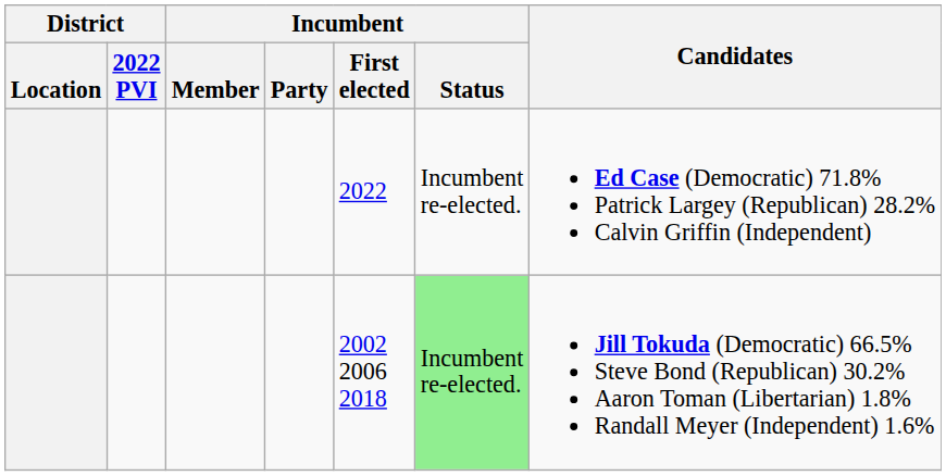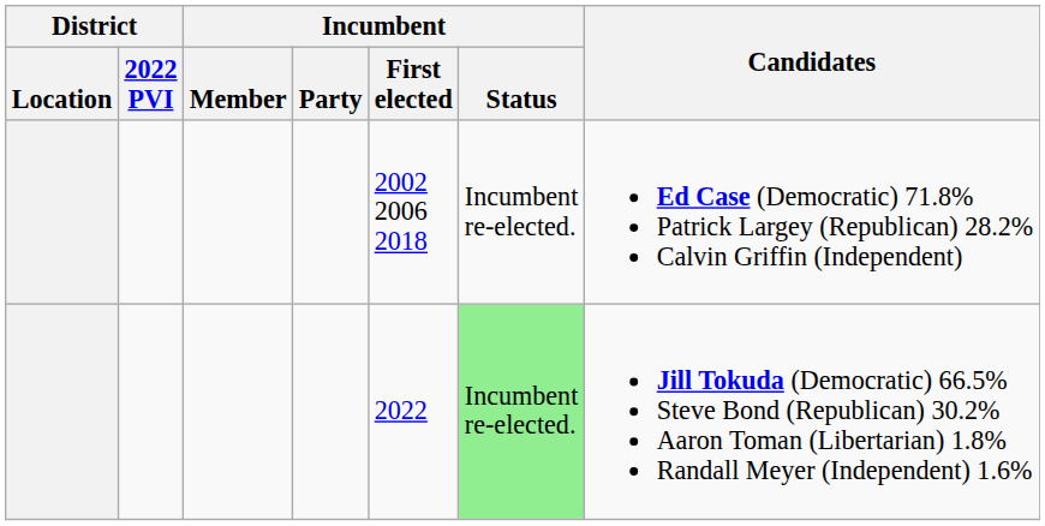 <table class="wikitable sortable">
 <tr>
 <th colspan=2>District</th>
 <th colspan=4>Incumbent</th>
 <th rowspan=2 class="unsortable">Candidates</th>
 </tr>
 <tr valign=bottom>
 <th>Location</th>
 <th><a href='#'>2022<br>PVI</a></th>
 <th>Member</th>
 <th>Party</th>
 <th>First<br>elected</th>
 <th>Status</th>
 </tr>
 <tr>
 <th></th>
 <td></td>
 <td></td>
 <td></td>
-<td><a href='#'>2022</a></td>
+<td><a href='#'>2002 </a><br>2006 <br><a href='#'>2018</a></td>
 <td>Incumbent re-elected.</td>
 <td nowrap><br><ul><li> <strong><a href='#'>Ed Case</a></strong> (Democratic) 71.8%</li><li>Patrick Largey (Republican) 28.2%</li><li>Calvin Griffin (Independent)</li></ul></td>
 </tr>
 <tr>
 <th></th>
 <td></td>
 <td></td>
 <td></td>
-<td><a href='#'>2002 </a><br>2006 <br><a href='#'>2018</a></td>
+<td><a href='#'>2022</a></td>
 <td style="background: lightgreen;">Incumbent re-elected.</td>
 <td nowrap><br><ul><li> <strong><a href='#'>Jill Tokuda</a></strong> (Democratic) 66.5%</li><li>Steve Bond (Republican) 30.2%</li><li>Aaron Toman (Libertarian) 1.8%</li><li>Randall Meyer (Independent) 1.6%</li></ul></td>
 </tr>
 </table>
